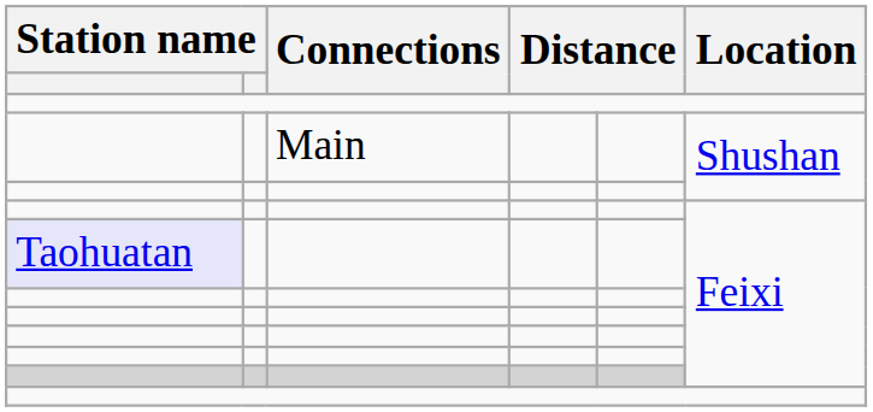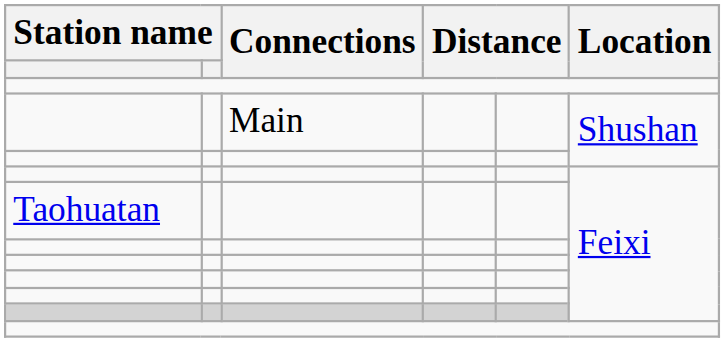 <table class="wikitable">
 <tr>
 <th colspan="2">Station name</th>
 <th rowspan="2">Connections</th>
 <th colspan="2" rowspan="2">Distance<br></th>
 <th rowspan="2">Location</th>
 </tr>
 <tr>
 <th></th>
 <th></th>
 </tr>
 <tr style="background:#">
 <td colspan="6"></td>
 </tr>
 <tr>
 <td></td>
 <td></td>
 <td> Main</td>
 <td></td>
 <td></td>
 <td rowspan="2"><a href='#'>Shushan</a></td>
 </tr>
 <tr>
 <td></td>
 <td></td>
 <td></td>
 <td></td>
 <td></td>
 </tr>
 <tr>
 <td></td>
 <td></td>
 <td></td>
 <td></td>
 <td></td>
 <td rowspan="7"><a href='#'>Feixi</a></td>
 </tr>
 <tr>
-<td style="background: lavender;"><a href='#'>Taohuatan</a></td>
+<td><a href='#'>Taohuatan</a></td>
 <td></td>
 <td></td>
 <td></td>
 <td></td>
 </tr>
 <tr>
 <td></td>
 <td></td>
 <td></td>
 <td></td>
 <td></td>
 </tr>
 <tr>
 <td></td>
 <td></td>
 <td></td>
 <td></td>
 <td></td>
 </tr>
 <tr>
 <td></td>
 <td></td>
 <td></td>
 <td></td>
 <td></td>
 </tr>
 <tr>
 <td></td>
 <td></td>
 <td></td>
 <td></td>
 <td></td>
 </tr>
 <tr bgcolor="lightgrey">
 <td></td>
 <td></td>
 <td></td>
 <td></td>
 <td></td>
 </tr>
 <tr style="background:#">
 <td colspan="6"></td>
 </tr>
 </table>
